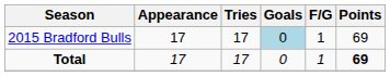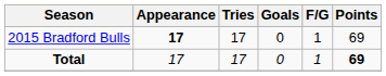 <table class="wikitable" style="text-align:center;">
 <tr bgcolor=#bdb76b>
 <th>Season</th>
 <th>Appearance</th>
 <th>Tries</th>
 <th>Goals</th>
 <th>F/G</th>
 <th>Points</th>
 </tr>
 <tr>
 <td><a href='#'>2015 Bradford Bulls</a></td>
+<td><strong>17</strong></td>
 <td>17</td>
-<td>17</td>
-<td style="background: lightblue;">0</td>
+<td>0</td>
 <td>1</td>
 <td>69</td>
 </tr>
 <tr>
 <td><strong>Total</strong></td>
 <td><em>17</em></td>
 <td><em>17</em></td>
 <td><em>0</em></td>
 <td><em>1</em></td>
 <td><strong>69</strong></td>
 </tr>
 <tr>
 </tr>
 </table>
